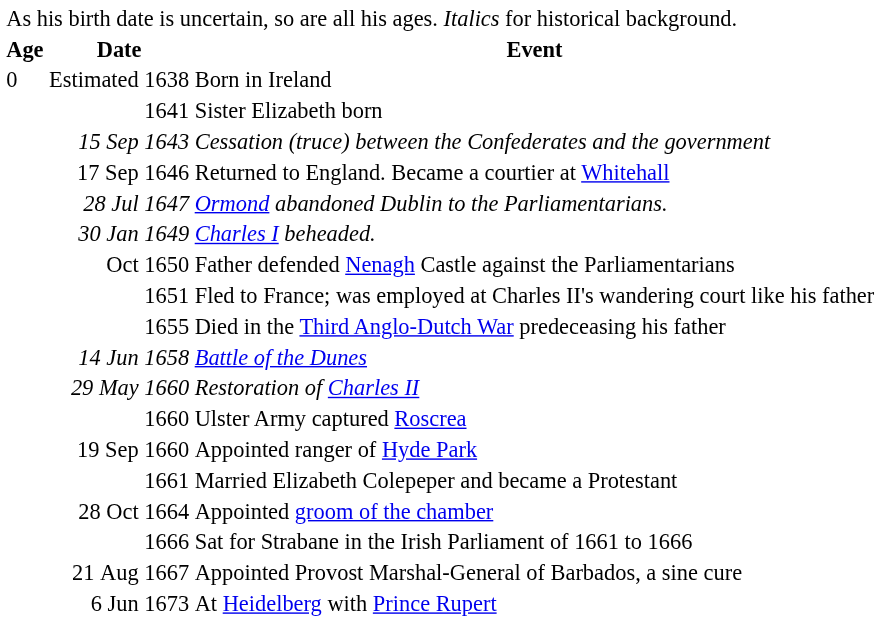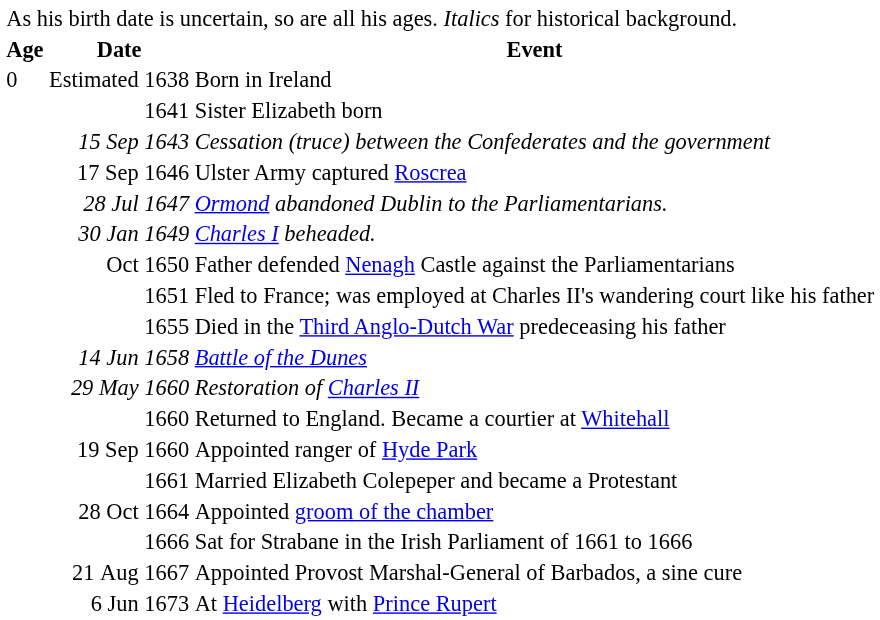 <table>
 <tr>
 <td colspan=3 style="background: white; border: none;">As his birth date is uncertain, so are all his ages. <em>Italics</em> for historical background.</td>
 </tr>
 <tr>
 <th>Age</th>
 <th>Date</th>
 <th>Event</th>
 </tr>
 <tr>
 <td>0</td>
 <td>Estimated 1638</td>
 <td>Born in Ireland</td>
 </tr>
 <tr>
 <td></td>
 <td align=right>1641</td>
 <td>Sister Elizabeth born</td>
 </tr>
 <tr>
 <td></td>
 <td align=right><em>15 Sep 1643</em></td>
 <td><em>Cessation (truce) between the Confederates and the government</em></td>
 </tr>
 <tr>
 <td></td>
 <td align=right>17 Sep 1646</td>
-<td>Returned to England. Became a courtier at <a href='#'>Whitehall</a></td>
+<td>Ulster Army captured <a href='#'>Roscrea</a></td>
 </tr>
 <tr>
 <td></td>
 <td align=right><em>28 Jul 1647</em></td>
 <td><em><a href='#'>Ormond</a> abandoned Dublin to the Parliamentarians.</em></td>
 </tr>
 <tr>
 <td></td>
 <td align=right><em>30 Jan 1649</em></td>
 <td><em><a href='#'>Charles I</a> beheaded.</em></td>
 </tr>
 <tr>
 <td></td>
 <td align=right>Oct 1650</td>
 <td>Father defended <a href='#'>Nenagh</a> Castle against the Parliamentarians</td>
 </tr>
 <tr>
 <td></td>
 <td align=right>1651</td>
 <td>Fled to France; was employed at Charles II's wandering court like his father</td>
 </tr>
 <tr>
 <td></td>
 <td align=right>1655</td>
 <td>Died in the <a href='#'>Third Anglo-Dutch War</a> predeceasing his father</td>
 </tr>
 <tr>
 <td></td>
 <td align=right><em>14 Jun 1658</em></td>
 <td><em><a href='#'>Battle of the Dunes</a></em></td>
 </tr>
 <tr>
 <td></td>
 <td align=right><em>29 May 1660</em></td>
 <td><em>Restoration of <a href='#'>Charles II</a></em></td>
 </tr>
 <tr>
 <td></td>
 <td align=right>1660</td>
-<td>Ulster Army captured <a href='#'>Roscrea</a></td>
+<td>Returned to England. Became a courtier at <a href='#'>Whitehall</a></td>
 </tr>
 <tr>
 <td></td>
 <td align=right>19 Sep 1660</td>
 <td>Appointed ranger of <a href='#'>Hyde Park</a></td>
 </tr>
 <tr>
 <td></td>
 <td align=right>1661</td>
 <td>Married Elizabeth Colepeper and became a Protestant</td>
 </tr>
 <tr>
 <td></td>
 <td align=right>28 Oct 1664</td>
 <td>Appointed <a href='#'>groom of the chamber</a></td>
 </tr>
 <tr>
 <td></td>
 <td align=right>1666</td>
 <td>Sat for Strabane in the Irish Parliament of 1661 to 1666</td>
 </tr>
 <tr>
 <td></td>
 <td align=right>21 Aug 1667</td>
 <td>Appointed Provost Marshal-General of Barbados, a sine cure</td>
 </tr>
 <tr>
 <td></td>
 <td align=right>6 Jun 1673</td>
 <td>At <a href='#'>Heidelberg</a> with <a href='#'>Prince Rupert</a></td>
 </tr>
 </table>
